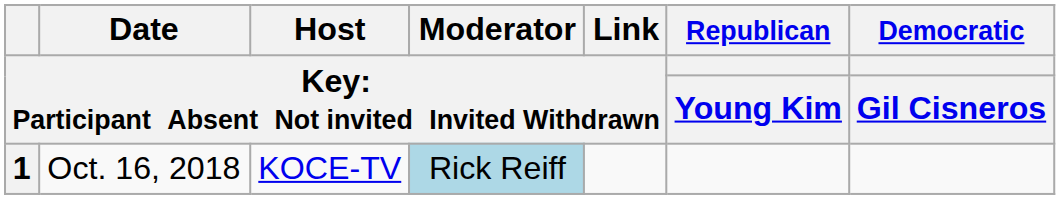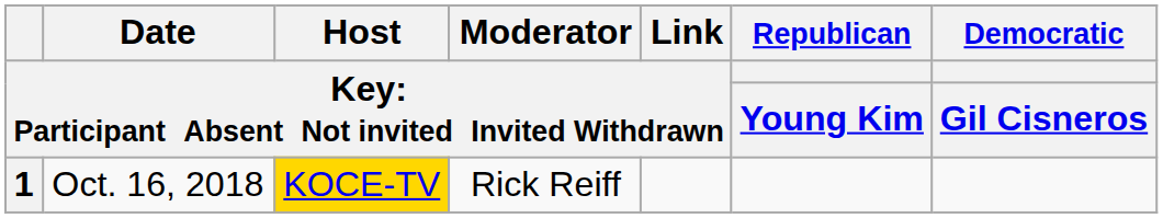 <table class="wikitable" style="text-align:center;">
 <tr>
 <th scope="col"></th>
 <th scope="col">Date</th>
 <th scope="col">Host</th>
 <th scope="col">Moderator</th>
 <th scope="col">Link</th>
 <th scope="col"><small><a href='#'>Republican</a></small></th>
 <th scope="col"><small><a href='#'>Democratic</a></small></th>
 </tr>
 <tr>
 <th colspan="5" rowspan="2">Key:<br> <small>Participant </small>  <small>Absent </small>  <small>Not invited </small>  <small>Invited  Withdrawn</small></th>
 <th scope="col" style="background:"></th>
 <th scope="col" style="background:"></th>
 </tr>
 <tr>
 <th scope="col"><a href='#'>Young Kim</a></th>
 <th scope="col"><a href='#'>Gil Cisneros</a></th>
 </tr>
 <tr>
 <th>1</th>
 <td style="white-space:nowrap;">Oct. 16, 2018</td>
-<td style="white-space:nowrap;"><a href='#'>KOCE-TV</a></td>
-<td style="background: lightblue; white-space:nowrap;">Rick Reiff</td>
+<td style="background: gold; white-space:nowrap;"><a href='#'>KOCE-TV</a></td>
+<td style="white-space:nowrap;">Rick Reiff</td>
 <td style="white-space:nowrap;"></td>
 <td></td>
 <td></td>
 </tr>
 </table>
